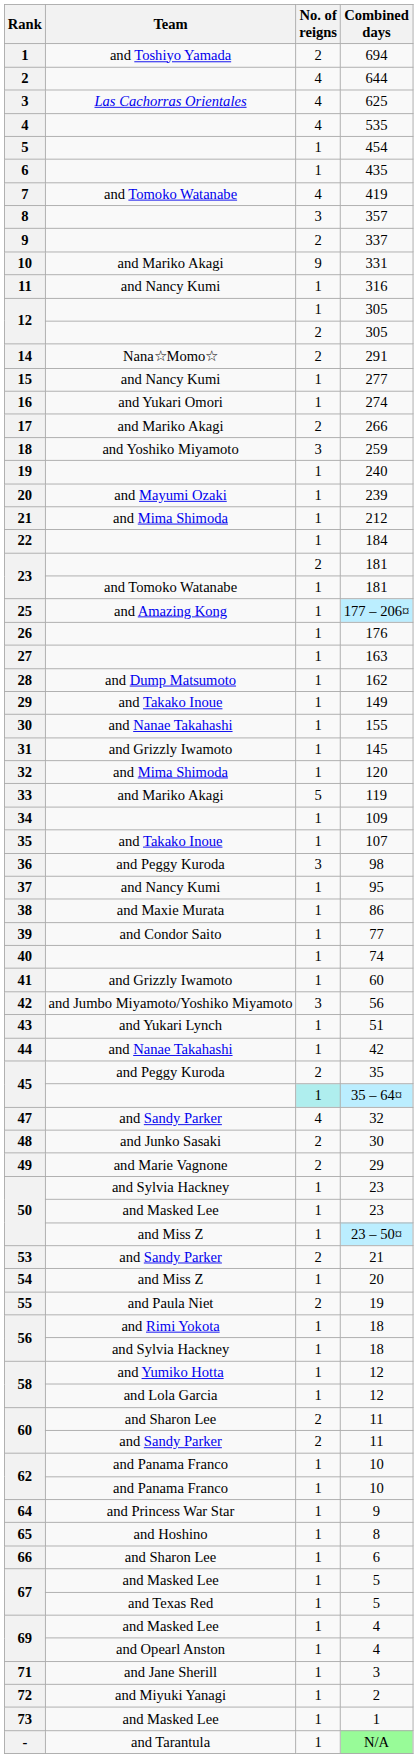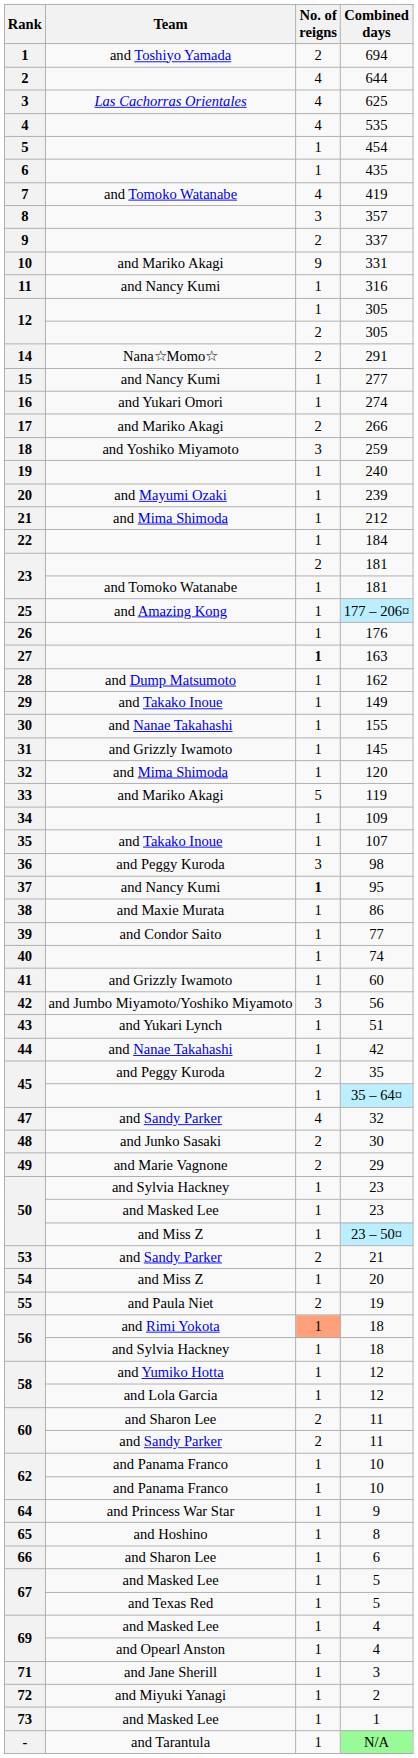 <table class="wikitable sortable" style="text-align: center">
 <tr>
 <th>Rank</th>
 <th>Team</th>
 <th>No. of<br>reigns</th>
 <th>Combined<br>days</th>
 </tr>
 <tr>
 <th>1</th>
 <td> and <a href='#'>Toshiyo Yamada</a></td>
 <td>2</td>
 <td>694</td>
 </tr>
 <tr>
 <th>2</th>
 <td><br></td>
 <td>4</td>
 <td>644</td>
 </tr>
 <tr>
 <th>3</th>
 <td><em><a href='#'>Las Cachorras Orientales</a></em><br></td>
 <td>4</td>
 <td>625</td>
 </tr>
 <tr>
 <th>4</th>
 <td><br></td>
 <td>4</td>
 <td>535</td>
 </tr>
 <tr>
 <th>5</th>
 <td><br></td>
 <td>1</td>
 <td>454</td>
 </tr>
 <tr>
 <th>6</th>
 <td><br></td>
 <td>1</td>
 <td>435</td>
 </tr>
 <tr>
 <th>7</th>
 <td> and <a href='#'>Tomoko Watanabe</a></td>
 <td>4</td>
 <td>419</td>
 </tr>
 <tr>
 <th>8</th>
 <td><br></td>
 <td>3</td>
 <td>357</td>
 </tr>
 <tr>
 <th>9</th>
 <td><br></td>
 <td>2</td>
 <td>337</td>
 </tr>
 <tr>
 <th>10</th>
 <td> and Mariko Akagi</td>
 <td>9</td>
 <td>331</td>
 </tr>
 <tr>
 <th>11</th>
 <td> and Nancy Kumi</td>
 <td>1</td>
 <td>316</td>
 </tr>
 <tr>
 <th rowspan=2>12</th>
 <td><br></td>
 <td>1</td>
 <td>305</td>
 </tr>
 <tr>
 <td><br></td>
 <td>2</td>
 <td>305</td>
 </tr>
 <tr>
 <th>14</th>
 <td>Nana☆Momo☆<br></td>
 <td>2</td>
 <td>291</td>
 </tr>
 <tr>
 <th>15</th>
 <td> and Nancy Kumi</td>
 <td>1</td>
 <td>277</td>
 </tr>
 <tr>
 <th>16</th>
 <td> and Yukari Omori</td>
 <td>1</td>
 <td>274</td>
 </tr>
 <tr>
 <th>17</th>
 <td> and Mariko Akagi</td>
 <td>2</td>
 <td>266</td>
 </tr>
 <tr>
 <th>18</th>
 <td> and Yoshiko Miyamoto</td>
 <td>3</td>
 <td>259</td>
 </tr>
 <tr>
 <th>19</th>
 <td><br></td>
 <td>1</td>
 <td>240</td>
 </tr>
 <tr>
 <th>20</th>
 <td> and <a href='#'>Mayumi Ozaki</a></td>
 <td>1</td>
 <td>239</td>
 </tr>
 <tr>
 <th>21</th>
 <td> and <a href='#'>Mima Shimoda</a></td>
 <td>1</td>
 <td>212</td>
 </tr>
 <tr>
 <th>22</th>
 <td><br></td>
 <td>1</td>
 <td>184</td>
 </tr>
 <tr>
 <th rowspan=2>23</th>
 <td><br></td>
 <td>2</td>
 <td>181</td>
 </tr>
 <tr>
 <td> and Tomoko Watanabe</td>
 <td>1</td>
 <td>181</td>
 </tr>
 <tr>
 <th>25</th>
 <td> and <a href='#'>Amazing Kong</a></td>
 <td>1</td>
 <td style="background-color:#bbeeff">177 – 206¤</td>
 </tr>
 <tr>
 <th>26</th>
 <td><br></td>
 <td>1</td>
 <td>176</td>
 </tr>
 <tr>
 <th>27</th>
 <td><br></td>
-<td>1</td>
+<td><strong>1</strong></td>
 <td>163</td>
 </tr>
 <tr>
 <th>28</th>
 <td> and <a href='#'>Dump Matsumoto</a></td>
 <td>1</td>
 <td>162</td>
 </tr>
 <tr>
 <th>29</th>
 <td> and <a href='#'>Takako Inoue</a></td>
 <td>1</td>
 <td>149</td>
 </tr>
 <tr>
 <th>30</th>
 <td> and <a href='#'>Nanae Takahashi</a></td>
 <td>1</td>
 <td>155</td>
 </tr>
 <tr>
 <th>31</th>
 <td> and Grizzly Iwamoto</td>
 <td>1</td>
 <td>145</td>
 </tr>
 <tr>
 <th>32</th>
 <td> and <a href='#'>Mima Shimoda</a></td>
 <td>1</td>
 <td>120</td>
 </tr>
 <tr>
 <th>33</th>
 <td> and Mariko Akagi</td>
 <td>5</td>
 <td>119</td>
 </tr>
 <tr>
 <th>34</th>
 <td><br></td>
 <td>1</td>
 <td>109</td>
 </tr>
 <tr>
 <th>35</th>
 <td> and <a href='#'>Takako Inoue</a></td>
 <td>1</td>
 <td>107</td>
 </tr>
 <tr>
 <th>36</th>
 <td> and Peggy Kuroda</td>
 <td>3</td>
 <td>98</td>
 </tr>
 <tr>
 <th>37</th>
 <td> and Nancy Kumi</td>
-<td>1</td>
+<td><strong>1</strong></td>
 <td>95</td>
 </tr>
 <tr>
 <th>38</th>
 <td> and Maxie Murata</td>
 <td>1</td>
 <td>86</td>
 </tr>
 <tr>
 <th>39</th>
 <td> and Condor Saito</td>
 <td>1</td>
 <td>77</td>
 </tr>
 <tr>
 <th>40</th>
 <td><br></td>
 <td>1</td>
 <td>74</td>
 </tr>
 <tr>
 <th>41</th>
 <td> and Grizzly Iwamoto</td>
 <td>1</td>
 <td>60</td>
 </tr>
 <tr>
 <th>42</th>
 <td> and Jumbo Miyamoto/Yoshiko Miyamoto</td>
 <td>3</td>
 <td>56</td>
 </tr>
 <tr>
 <th>43</th>
 <td> and Yukari Lynch</td>
 <td>1</td>
 <td>51</td>
 </tr>
 <tr>
 <th>44</th>
 <td> and <a href='#'>Nanae Takahashi</a></td>
 <td>1</td>
 <td>42</td>
 </tr>
 <tr>
 <th rowspan=2>45</th>
 <td> and Peggy Kuroda</td>
 <td>2</td>
 <td>35</td>
 </tr>
 <tr>
 <td><br></td>
-<td style="background: paleturquoise;">1</td>
+<td>1</td>
 <td style="background-color:#bbeeff">35 – 64¤</td>
 </tr>
 <tr>
 <th>47</th>
 <td> and <a href='#'>Sandy Parker</a></td>
 <td>4</td>
 <td>32</td>
 </tr>
 <tr>
 <th>48</th>
 <td> and Junko Sasaki</td>
 <td>2</td>
 <td>30</td>
 </tr>
 <tr>
 <th>49</th>
 <td> and Marie Vagnone</td>
 <td>2</td>
 <td>29</td>
 </tr>
 <tr>
 <th rowspan=3>50</th>
 <td> and Sylvia Hackney</td>
 <td>1</td>
 <td>23</td>
 </tr>
 <tr>
 <td> and Masked Lee</td>
 <td>1</td>
 <td>23</td>
 </tr>
 <tr>
 <td> and Miss Z</td>
 <td>1</td>
 <td style="background-color:#bbeeff">23 – 50¤</td>
 </tr>
 <tr>
 <th>53</th>
 <td> and <a href='#'>Sandy Parker</a></td>
 <td>2</td>
 <td>21</td>
 </tr>
 <tr>
 <th>54</th>
 <td> and Miss Z</td>
 <td>1</td>
 <td>20</td>
 </tr>
 <tr>
 <th>55</th>
 <td> and Paula Niet</td>
 <td>2</td>
 <td>19</td>
 </tr>
 <tr>
 <th rowspan=2>56</th>
 <td> and <a href='#'>Rimi Yokota</a></td>
-<td>1</td>
+<td style="background: lightsalmon;">1</td>
 <td>18</td>
 </tr>
 <tr>
 <td> and Sylvia Hackney</td>
 <td>1</td>
 <td>18</td>
 </tr>
 <tr>
 <th rowspan=2>58</th>
 <td> and <a href='#'>Yumiko Hotta</a></td>
 <td>1</td>
 <td>12</td>
 </tr>
 <tr>
 <td> and Lola Garcia</td>
 <td>1</td>
 <td>12</td>
 </tr>
 <tr>
 <th rowspan=2>60</th>
 <td> and Sharon Lee</td>
 <td>2</td>
 <td>11</td>
 </tr>
 <tr>
 <td> and <a href='#'>Sandy Parker</a></td>
 <td>2</td>
 <td>11</td>
 </tr>
 <tr>
 <th rowspan=2>62</th>
 <td> and Panama Franco</td>
 <td>1</td>
 <td>10</td>
 </tr>
 <tr>
 <td> and Panama Franco</td>
 <td>1</td>
 <td>10</td>
 </tr>
 <tr>
 <th>64</th>
 <td> and Princess War Star</td>
 <td>1</td>
 <td>9</td>
 </tr>
 <tr>
 <th>65</th>
 <td> and Hoshino</td>
 <td>1</td>
 <td>8</td>
 </tr>
 <tr>
 <th>66</th>
 <td> and Sharon Lee</td>
 <td>1</td>
 <td>6</td>
 </tr>
 <tr>
 <th rowspan=2>67</th>
 <td> and Masked Lee</td>
 <td>1</td>
 <td>5</td>
 </tr>
 <tr>
 <td> and Texas Red</td>
 <td>1</td>
 <td>5</td>
 </tr>
 <tr>
 <th rowspan=2>69</th>
 <td> and Masked Lee</td>
 <td>1</td>
 <td>4</td>
 </tr>
 <tr>
 <td> and Opearl Anston</td>
 <td>1</td>
 <td>4</td>
 </tr>
 <tr>
 <th>71</th>
 <td> and Jane Sherill</td>
 <td>1</td>
 <td>3</td>
 </tr>
 <tr>
 <th>72</th>
 <td> and Miyuki Yanagi</td>
 <td>1</td>
 <td>2</td>
 </tr>
 <tr>
 <th>73</th>
 <td> and Masked Lee</td>
 <td>1</td>
 <td>1</td>
 </tr>
 <tr>
 <th>-</th>
 <td> and Tarantula</td>
 <td>1</td>
 <td style="background-color:#98FB98">N/A</td>
 </tr>
 </table>
